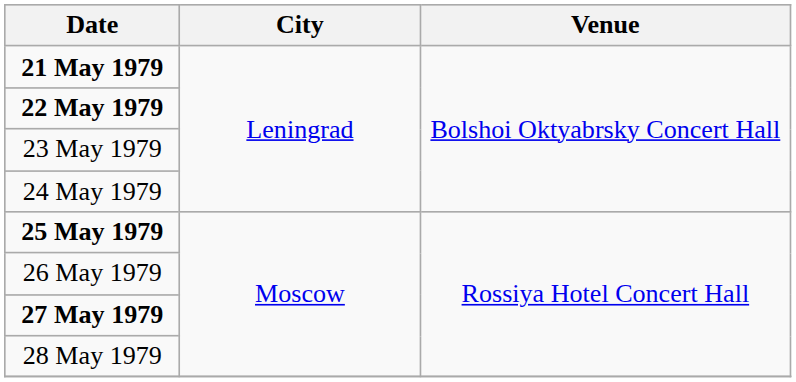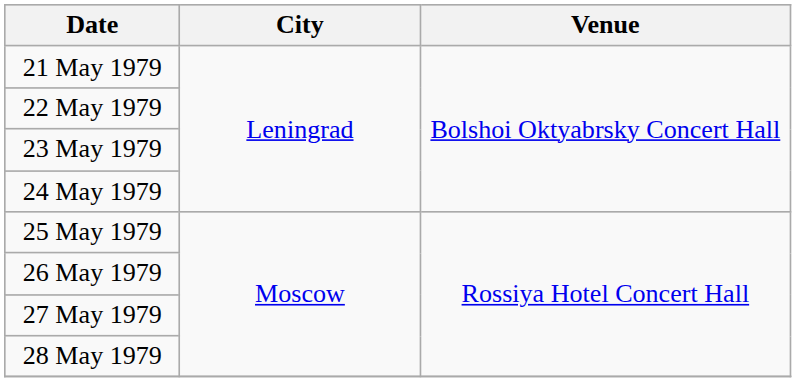 <table class="wikitable" style="text-align:center;">
 <tr>
 <th width="100">Date</th>
 <th width="140">City</th>
 <th width="220">Venue</th>
 </tr>
 <tr>
-<td><strong>21 May 1979</strong></td>
+<td>21 May 1979</td>
 <td rowspan="4"><a href='#'>Leningrad</a></td>
 <td rowspan="4"><a href='#'>Bolshoi Oktyabrsky Concert Hall</a></td>
 </tr>
 <tr>
-<td><strong>22 May 1979</strong></td>
+<td>22 May 1979</td>
 </tr>
 <tr>
 <td>23 May 1979</td>
 </tr>
 <tr>
 <td>24 May 1979</td>
 </tr>
 <tr>
-<td><strong>25 May 1979</strong></td>
+<td>25 May 1979</td>
 <td rowspan="4"><a href='#'>Moscow</a></td>
 <td rowspan="4"><a href='#'>Rossiya Hotel Concert Hall</a></td>
 </tr>
 <tr>
 <td>26 May 1979</td>
 </tr>
 <tr>
-<td><strong>27 May 1979</strong></td>
+<td>27 May 1979</td>
 </tr>
 <tr>
 <td>28 May 1979</td>
 </tr>
 <tr>
 </tr>
 </table>
